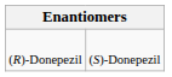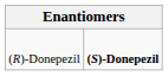 <table class="wikitable" style="text-align:center">
 <tr class="hintergrundfarbe6">
 <th colspan="2">Enantiomers</th>
 </tr>
 <tr>
 <td><br><small>(<em>R</em>)-Donepezil</small></td>
-<td><br><small>(<em>S</em>)-Donepezil</small></td>
+<td><strong><br><small>(<em>S</em>)-Donepezil</small></strong></td>
 </tr>
 </table>
